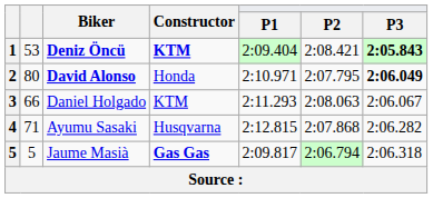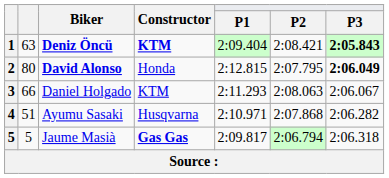 <table class="wikitable sortable" style="font-size: 85%;">
 <tr>
 <th rowspan="2"></th>
 <th rowspan="2"></th>
 <th rowspan="2">Biker</th>
 <th rowspan="2">Constructor</th>
 <th colspan="3" style="background:#eaecf0; text-align:center;"></th>
 </tr>
 <tr>
 <th scope="col">P1</th>
 <th scope="col">P2</th>
 <th scope="col">P3</th>
 </tr>
 <tr>
 <th scope="row">1</th>
-<td align="center">53</td>
+<td align="center">63</td>
 <td><strong> <a href='#'>Deniz Öncü</a></strong></td>
 <td><strong><a href='#'>KTM</a></strong></td>
 <td style="background:#ccffcc;">2:09.404</td>
 <td>2:08.421</td>
 <td style="background:#ccffcc;"><strong>2:05.843</strong></td>
 </tr>
 <tr>
 <th scope="row">2</th>
 <td align="center">80</td>
 <td><strong> <a href='#'>David Alonso</a></strong></td>
 <td></strong><a href='#'>Honda</a><strong></td>
-<td>2:10.971</td>
+<td>2:12.815</td>
 <td>2:07.795</td>
 <td><strong>2:06.049<em></td>
 </tr>
 <tr>
 <th scope="row">3</th>
 <td align="center">66</td>
 <td></strong> <a href='#'>Daniel Holgado</a><strong></td>
 <td></strong><a href='#'>KTM</a><strong></td>
 <td>2:11.293</td>
 <td>2:08.063</td>
 <td></strong>2:06.067<strong></td>
 </tr>
 <tr>
 <th scope="row">4</th>
-<td align="center">71</td>
+<td align="center">51</td>
 <td> </strong><a href='#'>Ayumu Sasaki</a><strong></td>
 <td></strong><a href='#'>Husqvarna</a><strong></td>
-<td>2:12.815</td>
+<td>2:10.971</td>
 <td>2:07.868</td>
 <td></strong>2:06.282<strong></td>
 </tr>
 <tr>
 <th scope="row">5</th>
 <td align="center">5</td>
 <td></strong><strong> </strong><a href='#'>Jaume Masià</a><strong></td>
 <td><strong><a href='#'>Gas Gas</a></strong></td>
 <td>2:09.817</td>
 <td style="background:#ccffcc;"></strong>2:06.794<strong></td>
 <td>2:06.318</td>
 </tr>
 <tr>
 <th colspan="7">Source : </th>
 </tr>
 </table>
